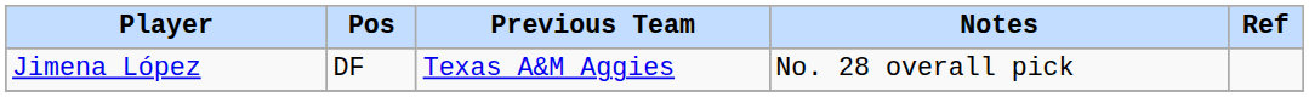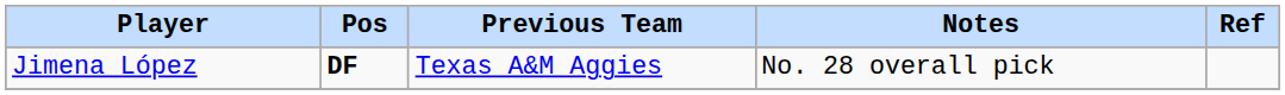 <table class="wikitable" style="text-align:left; font-size:95%;">
 <tr>
 <th style="background:#c2ddff; width:170px;">Player</th>
 <th style="background:#c2ddff; width:40px;">Pos</th>
 <th style="background:#c2ddff; width:185px;">Previous Team</th>
 <th style="background:#c2ddff; width:250px;">Notes</th>
 <th style="background:#c2ddff; width:30px;">Ref</th>
 </tr>
 <tr>
 <td> <a href='#'>Jimena López</a></td>
-<td>DF</td>
+<td><strong>DF</strong></td>
 <td> <a href='#'>Texas A&M Aggies</a></td>
 <td>No. 28 overall pick</td>
 <td></td>
 </tr>
 <tr>
 </tr>
 </table>
